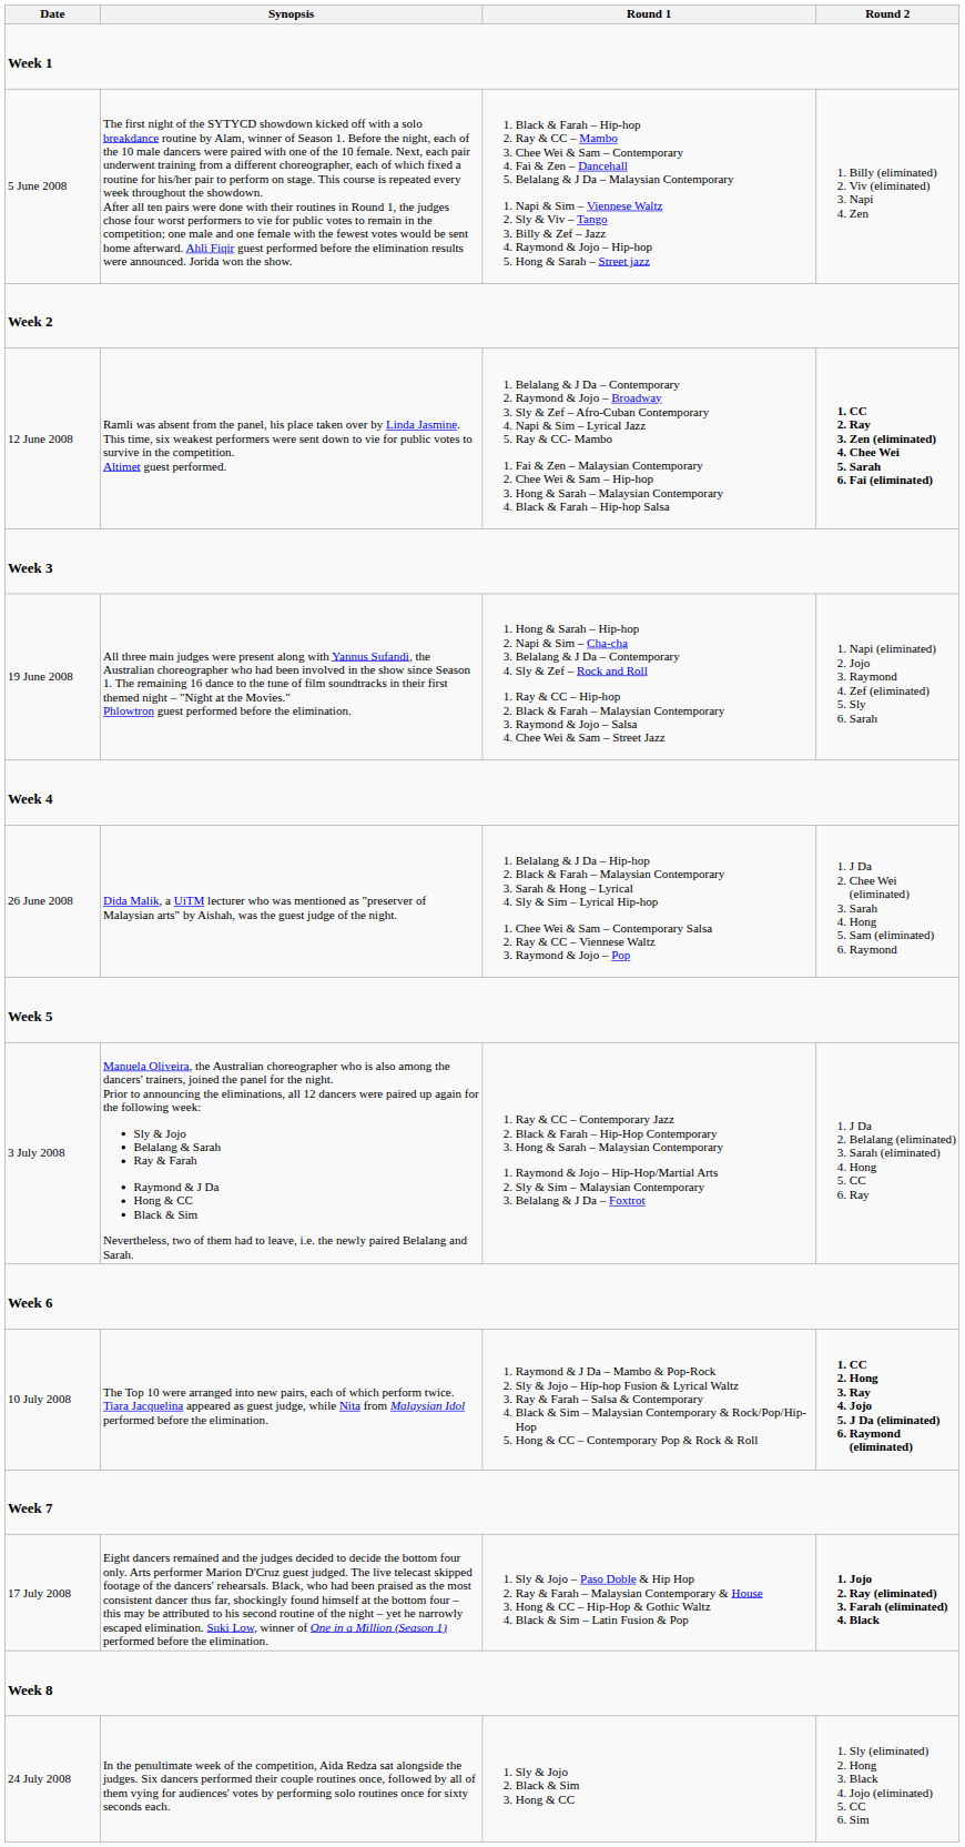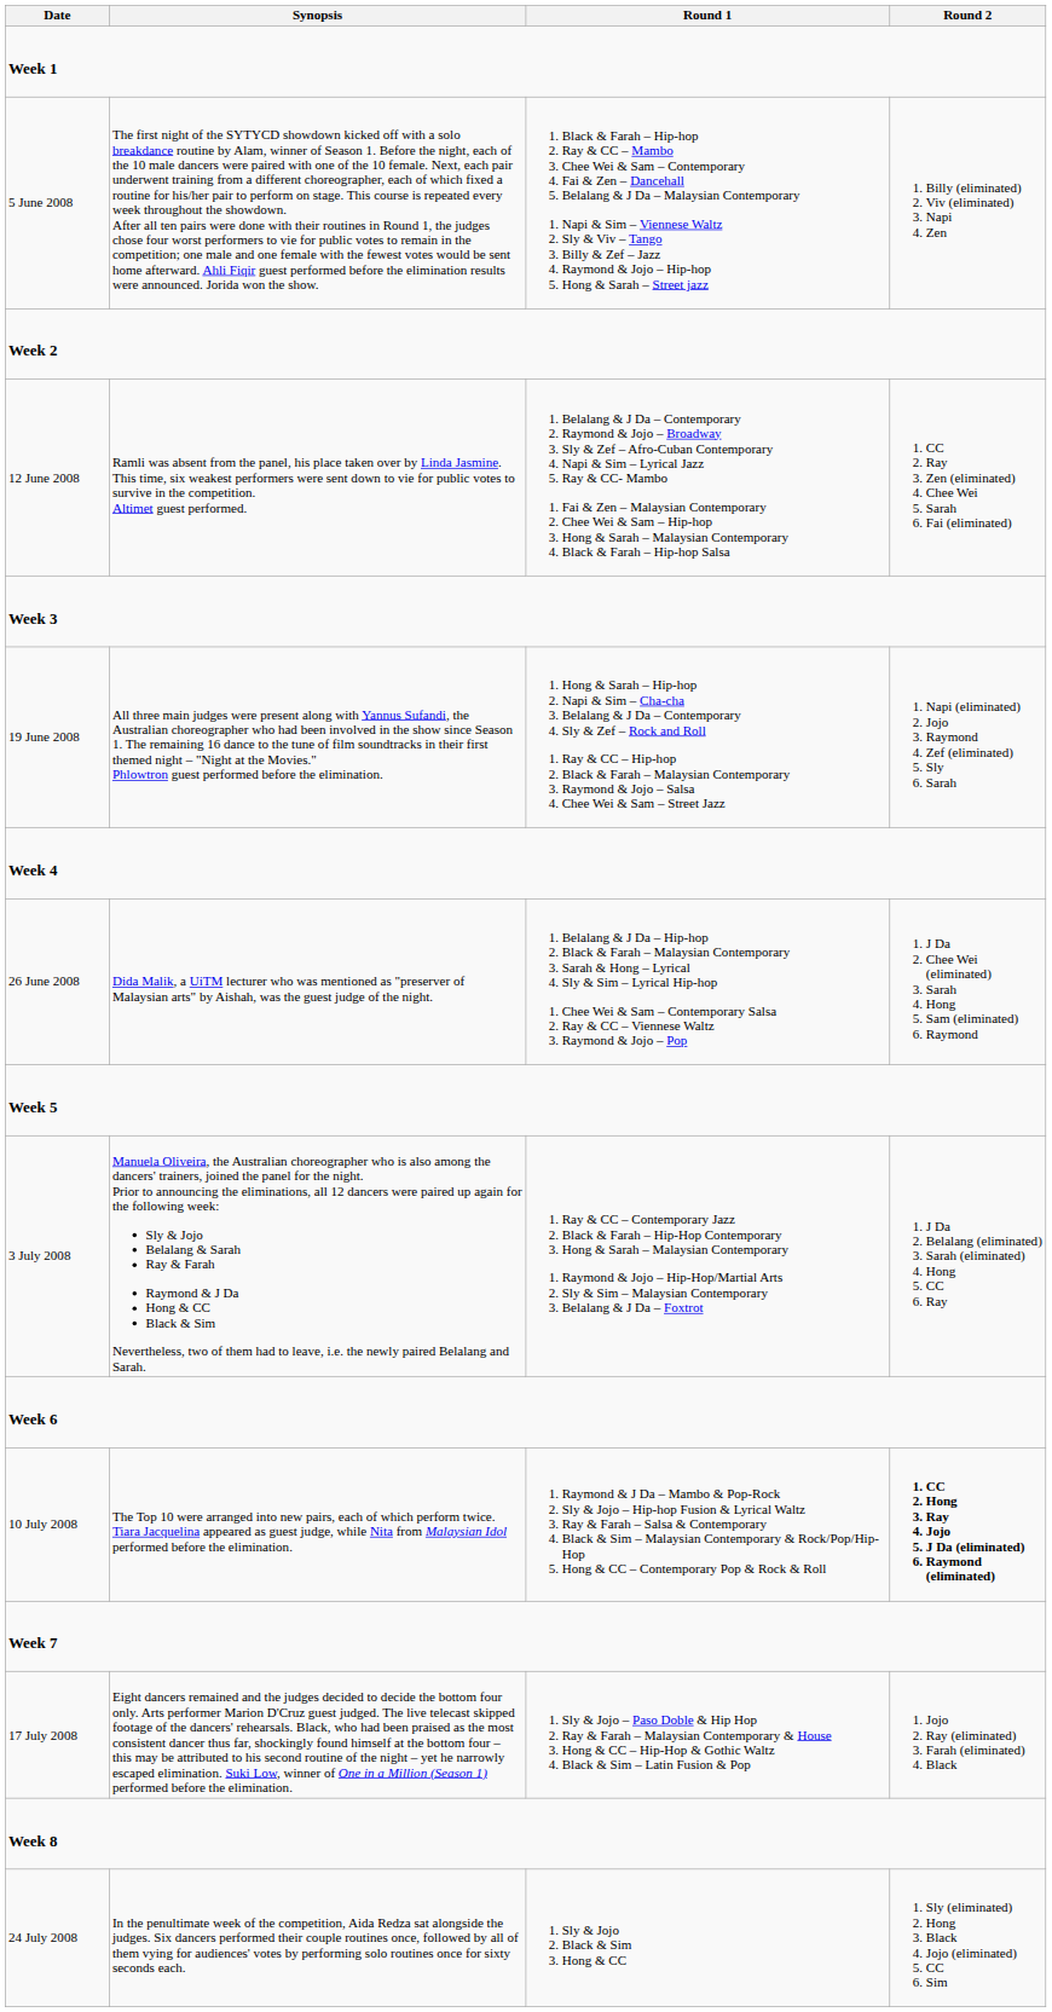 <table class="wikitable">
 <tr>
 <th width=10%>Date</th>
 <th>Synopsis</th>
 <th width=35%>Round 1</th>
 <th width=15%>Round 2</th>
 </tr>
 <tr>
 <td colspan=4><br><h3>Week 1</h3></td>
 </tr>
 <tr>
 <td>5 June 2008</td>
 <td><br>The first night of the SYTYCD showdown kicked off with a solo <a href='#'>breakdance</a> routine by Alam, winner of Season 1. Before the night, each of the 10 male dancers were paired with one of the 10 female. Next, each pair underwent training from a different choreographer, each of which fixed a routine for his/her pair to perform on stage. This course is repeated every week throughout the showdown.<br>After all ten pairs were done with their routines in Round 1, the judges chose four worst performers to vie for public votes to remain in the competition; one male and one female with the fewest votes would be sent home afterward. <a href='#'>Ahli Fiqir</a> guest performed before the elimination results were announced. Jorida won the show.</td>
 <td><br><ol><li>Black & Farah – Hip-hop</li><li>Ray & CC – <a href='#'>Mambo</a></li><li>Chee Wei & Sam – Contemporary</li><li>Fai & Zen – <a href='#'>Dancehall</a></li><li>Belalang & J Da – Malaysian Contemporary</li></ol> <ol> <li> Napi & Sim – <a href='#'>Viennese Waltz</a></li> <li> Sly & Viv – <a href='#'>Tango</a></li> <li> Billy & Zef – Jazz</li> <li> Raymond & Jojo – Hip-hop</li> <li> Hong & Sarah – <a href='#'>Street jazz</a></li> </ol></td>
 <td><br><ol><li>Billy (eliminated)</li><li>Viv (eliminated)</li><li>Napi</li><li>Zen</li></ol></td>
 </tr>
 <tr>
 <td colspan=4><br><h3>Week 2</h3></td>
 </tr>
 <tr>
 <td>12 June 2008</td>
 <td><br>Ramli was absent from the panel, his place taken over by <a href='#'>Linda Jasmine</a>. This time, six weakest performers were sent down to vie for public votes to survive in the competition.<br><a href='#'>Altimet</a> guest performed.</td>
 <td><br><ol><li>Belalang & J Da – Contemporary</li><li>Raymond & Jojo – <a href='#'>Broadway</a></li><li>Sly & Zef – Afro-Cuban Contemporary</li><li>Napi & Sim – Lyrical Jazz</li><li>Ray & CC- Mambo</li></ol> <ol> <li> Fai & Zen – Malaysian Contemporary</li> <li> Chee Wei & Sam – Hip-hop</li> <li> Hong & Sarah – Malaysian Contemporary</li> <li> Black & Farah – Hip-hop Salsa</li> </ol> </td>
-<td><strong><br><ol><li>CC</li><li>Ray</li><li>Zen (eliminated)</li><li>Chee Wei</li><li>Sarah</li><li>Fai (eliminated)</li></ol></strong></td>
+<td><br><ol><li>CC</li><li>Ray</li><li>Zen (eliminated)</li><li>Chee Wei</li><li>Sarah</li><li>Fai (eliminated)</li></ol></td>
 </tr>
 <tr>
 <td colspan=4><br><h3>Week 3</h3></td>
 </tr>
 <tr>
 <td>19 June 2008</td>
 <td><br>All three main judges were present along with <a href='#'>Yannus Sufandi</a>, the Australian choreographer who had been involved in the show since Season 1. The remaining 16 dance to the tune of film soundtracks in their first themed night – "Night at the Movies."<br><a href='#'>Phlowtron</a> guest performed before the elimination.</td>
 <td><br><ol><li>Hong & Sarah – Hip-hop</li><li>Napi & Sim – <a href='#'>Cha-cha</a></li><li>Belalang & J Da – Contemporary</li><li>Sly & Zef – <a href='#'>Rock and Roll</a></li></ol> <ol> <li> Ray & CC – Hip-hop</li> <li> Black & Farah – Malaysian Contemporary</li> <li> Raymond & Jojo – Salsa</li> <li> Chee Wei & Sam – Street Jazz</li> </ol> </td>
 <td><br><ol><li>Napi (eliminated)</li><li>Jojo</li><li>Raymond</li><li>Zef (eliminated)</li><li>Sly</li><li>Sarah</li></ol></td>
 </tr>
 <tr>
 <td colspan=4><br><h3>Week 4</h3></td>
 </tr>
 <tr>
 <td>26 June 2008</td>
 <td><br><a href='#'>Dida Malik</a>, a <a href='#'>UiTM</a> lecturer who was mentioned as "preserver of Malaysian arts" by Aishah, was the guest judge of the night.</td>
 <td><br><ol><li>Belalang & J Da – Hip-hop</li><li>Black & Farah – Malaysian Contemporary</li><li>Sarah & Hong – Lyrical</li><li>Sly & Sim – Lyrical Hip-hop</li></ol> <ol> <li> Chee Wei & Sam – Contemporary Salsa</li> <li> Ray & CC – Viennese Waltz</li> <li> Raymond & Jojo – <a href='#'>Pop</a></li> </ol> </td>
 <td><br><ol><li>J Da</li><li>Chee Wei (eliminated)</li><li>Sarah</li><li>Hong</li><li>Sam (eliminated)</li><li>Raymond</li></ol></td>
 </tr>
 <tr>
 <td colspan=4><br><h3>Week 5</h3></td>
 </tr>
 <tr>
 <td>3 July 2008</td>
 <td><br><a href='#'>Manuela Oliveira</a>, the Australian choreographer who is also among the dancers' trainers, joined the panel for the night.<br>Prior to announcing the eliminations, all 12 dancers were paired up again for the following week: <ul><li>Sly & Jojo</li><li>Belalang & Sarah</li><li>Ray & Farah</li></ul><ul><li>Raymond & J Da</li><li>Hong & CC</li><li>Black & Sim</li></ul> Nevertheless, two of them had to leave, i.e. the newly paired Belalang and Sarah.</td>
 <td><br><ol><li>Ray & CC – Contemporary Jazz</li><li>Black & Farah – Hip-Hop Contemporary</li><li>Hong & Sarah – Malaysian Contemporary</li></ol> <ol> <li> Raymond & Jojo – Hip-Hop/Martial Arts</li> <li> Sly & Sim – Malaysian Contemporary</li> <li> Belalang & J Da – <a href='#'>Foxtrot</a></li> </ol> </td>
 <td><br><ol><li>J Da</li><li>Belalang (eliminated)</li><li>Sarah (eliminated)</li><li>Hong</li><li>CC</li><li>Ray</li></ol></td>
 </tr>
 <tr>
 <td colspan=4><br><h3>Week 6</h3></td>
 </tr>
 <tr>
 <td>10 July 2008</td>
 <td><br>The Top 10 were arranged into new pairs, each of which perform twice. <a href='#'>Tiara Jacquelina</a> appeared as guest judge, while <a href='#'>Nita</a> from <em><a href='#'>Malaysian Idol</a></em> performed before the elimination.</td>
 <td><br><ol><li>Raymond & J Da – Mambo & Pop-Rock</li><li>Sly & Jojo – Hip-hop Fusion & Lyrical Waltz</li><li>Ray & Farah – Salsa & Contemporary</li><li>Black & Sim – Malaysian Contemporary & Rock/Pop/Hip-Hop</li><li>Hong & CC – Contemporary Pop & Rock & Roll</li></ol></td>
 <td><strong><br><ol><li>CC</li><li>Hong</li><li>Ray</li><li>Jojo</li><li>J Da (eliminated)</li><li>Raymond (eliminated)</li></ol></strong></td>
 </tr>
 <tr>
 <td colspan=4><br><h3>Week 7</h3></td>
 </tr>
 <tr>
 <td>17 July 2008</td>
 <td><br>Eight dancers remained and the judges decided to decide the bottom four only. Arts performer Marion D'Cruz guest judged. The live telecast skipped footage of the dancers' rehearsals. Black, who had been praised as the most consistent dancer thus far, shockingly found himself at the bottom four – this may be attributed to his second routine of the night – yet he narrowly escaped elimination. <a href='#'>Suki Low</a>, winner of <em><a href='#'>One in a Million (Season 1)</a></em> performed before the elimination.</td>
 <td><br><ol><li>Sly & Jojo – <a href='#'>Paso Doble</a> & Hip Hop</li><li>Ray & Farah – Malaysian Contemporary & <a href='#'>House</a></li><li>Hong & CC – Hip-Hop & Gothic Waltz</li><li>Black & Sim – Latin Fusion & Pop</li></ol></td>
-<td><strong><br><ol><li>Jojo</li><li>Ray (eliminated)</li><li>Farah (eliminated)</li><li>Black</li></ol></strong></td>
+<td><br><ol><li>Jojo</li><li>Ray (eliminated)</li><li>Farah (eliminated)</li><li>Black</li></ol></td>
 </tr>
 <tr>
 <td colspan=4><br><h3>Week 8</h3></td>
 </tr>
 <tr>
 <td>24 July 2008</td>
 <td><br>In the penultimate week of the competition, Aida Redza sat alongside the judges. Six dancers performed their couple routines once, followed by all of them vying for audiences' votes by performing solo routines once for sixty seconds each.</td>
 <td><br><ol><li>Sly & Jojo</li><li>Black & Sim</li><li>Hong & CC</li></ol></td>
 <td><br><ol><li>Sly (eliminated)</li><li>Hong</li><li>Black</li><li>Jojo (eliminated)</li><li>CC</li><li>Sim</li></ol></td>
 </tr>
 </table>
